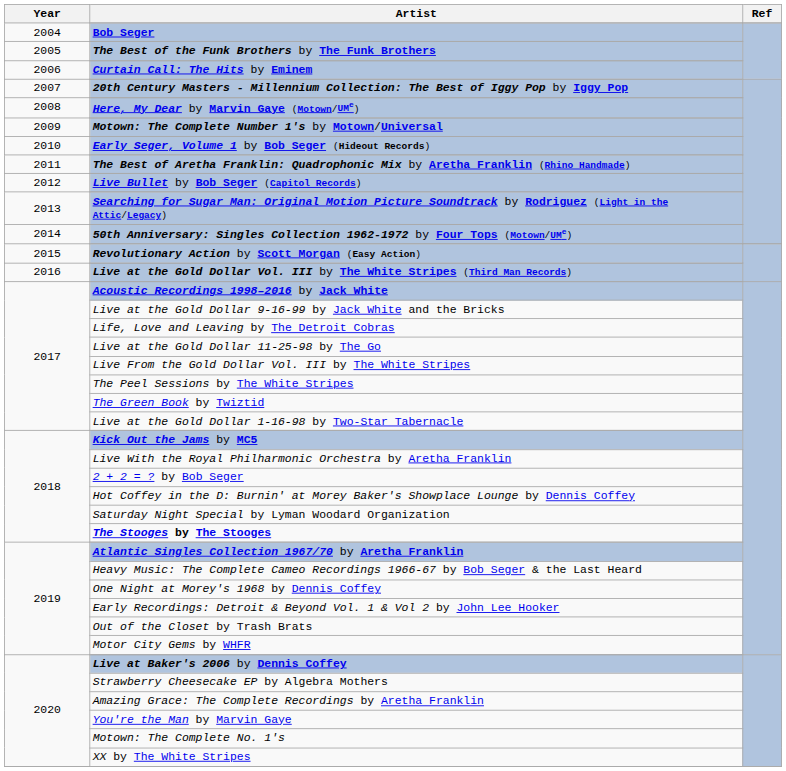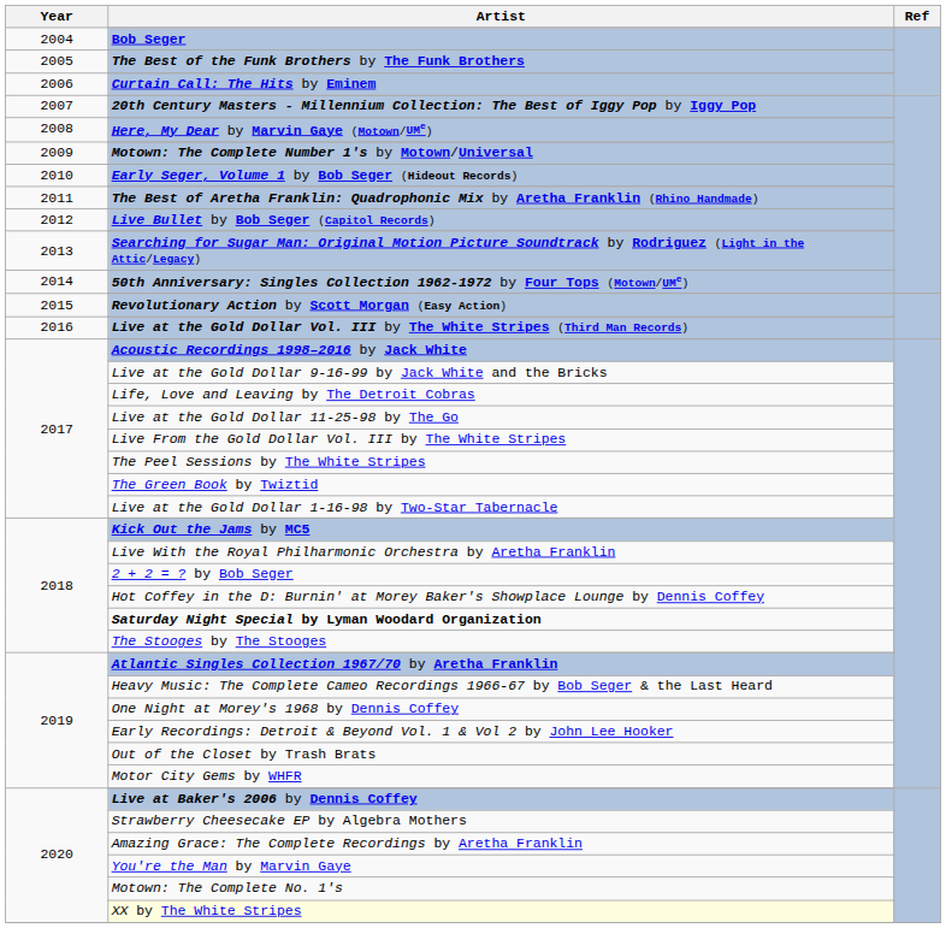 <table class="wikitable" style="width:100%;">
 <tr>
 <th style="width:11%;">Year</th>
 <th style="width:84%;">Artist</th>
 <th style="width:5%;">Ref</th>
 </tr>
 <tr>
 <td rowspan="2" align="center">2004</td>
 </tr>
 <tr style="background:#B0C4DE">
 <td><strong><a href='#'>Bob Seger</a></strong></td>
 <td rowspan="6"></td>
 </tr>
 <tr>
 <td rowspan="2" align="center">2005</td>
 </tr>
 <tr style="background:#B0C4DE">
 <td><strong><em>The Best of the Funk Brothers</em></strong> by <strong><a href='#'>The Funk Brothers</a></strong></td>
 </tr>
 <tr>
 <td rowspan="2" align="center">2006</td>
 </tr>
 <tr style="background:#B0C4DE">
 <td><strong><em><a href='#'>Curtain Call: The Hits</a></em></strong> by <strong><a href='#'>Eminem</a></strong></td>
 </tr>
 <tr>
 <td rowspan="2" align="center">2007</td>
 </tr>
 <tr style="background:#B0C4DE">
 <td><strong><em>20th Century Masters - Millennium Collection: The Best of Iggy Pop</em></strong> by <strong><a href='#'>Iggy Pop</a></strong></td>
 <td rowspan="15" align="center"></td>
 </tr>
 <tr>
 <td rowspan="2" align="center">2008</td>
 </tr>
 <tr style="background:#B0C4DE">
 <td><strong><em><a href='#'>Here, My Dear</a></em></strong> by <strong><a href='#'>Marvin Gaye</a></strong> <small>(<strong><a href='#'>Motown</a></strong>/<strong><a href='#'>UM<sup>e</sup></a></strong>)</small></td>
 </tr>
 <tr>
 <td rowspan="2" align="center">2009</td>
 </tr>
 <tr style="background:#B0C4DE">
 <td><strong><em>Motown: The Complete Number 1's</em></strong> by <strong><a href='#'>Motown</a></strong>/<strong><a href='#'>Universal</a></strong></td>
 </tr>
 <tr>
 <td rowspan="2" align="center">2010</td>
 </tr>
 <tr style="background:#B0C4DE">
 <td><strong><em><a href='#'>Early Seger, Volume 1</a></em></strong> by <strong><a href='#'>Bob Seger</a></strong> <small>(<strong>Hideout Records</strong>)</small></td>
 </tr>
 <tr>
 <td rowspan="2" align="center">2011</td>
 </tr>
 <tr style="background:#B0C4DE">
 <td><strong><em>The Best of Aretha Franklin: Quadrophonic Mix</em></strong> by <strong><a href='#'>Aretha Franklin</a></strong> <small>(<strong><a href='#'>Rhino Handmade</a></strong>)</small></td>
 </tr>
 <tr>
 <td rowspan="2" align="center">2012</td>
 </tr>
 <tr style="background:#B0C4DE">
 <td><strong><em><a href='#'>Live Bullet</a></em></strong> by <strong><a href='#'>Bob Seger</a></strong> <small>(<strong><a href='#'>Capitol Records</a></strong>)</small></td>
 </tr>
 <tr>
 <td rowspan="2" align="center">2013</td>
 </tr>
 <tr style="background:#B0C4DE">
 <td><strong><em><a href='#'>Searching for Sugar Man: Original Motion Picture Soundtrack</a></em></strong> by <strong><a href='#'>Rodriguez</a></strong> <small>(<strong><a href='#'>Light in the Attic</a></strong>/<strong><a href='#'>Legacy</a></strong>)</small></td>
 </tr>
 <tr>
 <td rowspan="2" align="center">2014</td>
 </tr>
 <tr style="background:#B0C4DE">
 <td><strong><em>50th Anniversary: Singles Collection 1962-1972</em></strong> by <strong><a href='#'>Four Tops</a></strong> <small>(<strong><a href='#'>Motown</a></strong>/<strong><a href='#'>UM<sup>e</sup></a></strong>)</small></td>
 </tr>
 <tr>
 <td rowspan="2" align="center">2015</td>
 </tr>
 <tr style="background:#B0C4DE">
 <td><strong><em>Revolutionary Action</em></strong> by <strong><a href='#'>Scott Morgan</a></strong> <small>(<strong>Easy Action</strong>)</small></td>
 <td rowspan="4" align="center"></td>
 </tr>
 <tr>
 <td rowspan="2" align="center">2016</td>
 </tr>
 <tr style="background:#B0C4DE">
 <td><strong><em>Live at the Gold Dollar Vol. III</em></strong> by <strong><a href='#'>The White Stripes</a></strong> <small>(<strong><a href='#'>Third Man Records</a></strong>)</small></td>
 </tr>
 <tr>
 <td rowspan="9" align="center">2017</td>
 </tr>
 <tr style="background:#B0C4DE">
 <td><strong><em><a href='#'>Acoustic Recordings 1998–2016</a></em></strong> by <strong><a href='#'>Jack White</a></strong></td>
 <td rowspan="23" align="center"></td>
 </tr>
 <tr>
 <td><em>Live at the Gold Dollar 9-16-99</em> by <a href='#'>Jack White</a> and the Bricks</td>
 </tr>
 <tr>
 <td><em>Life, Love and Leaving</em> by <a href='#'>The Detroit Cobras</a></td>
 </tr>
 <tr>
 <td><em>Live at the Gold Dollar 11-25-98</em> by <a href='#'>The Go</a></td>
 </tr>
 <tr>
 <td><em>Live From the Gold Dollar Vol. III</em> by <a href='#'>The White Stripes</a></td>
 </tr>
 <tr>
 <td><em>The Peel Sessions</em> by <a href='#'>The White Stripes</a></td>
 </tr>
 <tr>
 <td><em><a href='#'>The Green Book</a></em> by <a href='#'>Twiztid</a></td>
 </tr>
 <tr>
 <td><em>Live at the Gold Dollar 1-16-98</em> by <a href='#'>Two-Star Tabernacle</a></td>
 </tr>
 <tr>
 <td rowspan="7" align="center">2018</td>
 </tr>
 <tr style="background:#B0C4DE">
 <td><strong><em><a href='#'>Kick Out the Jams</a></em></strong> by <strong><a href='#'>MC5</a></strong></td>
 </tr>
 <tr>
 <td><em>Live With the Royal Philharmonic Orchestra</em> by <a href='#'>Aretha Franklin</a></td>
 </tr>
 <tr>
 <td><em><a href='#'>2 + 2 = ?</a></em> by <a href='#'>Bob Seger</a></td>
 </tr>
 <tr>
 <td><em>Hot Coffey in the D: Burnin' at Morey Baker's Showplace Lounge</em> by <a href='#'>Dennis Coffey</a></td>
 </tr>
 <tr>
-<td><em>Saturday Night Special</em> by Lyman Woodard Organization</td>
+<td><strong><em>Saturday Night Special</em> by Lyman Woodard Organization</strong></td>
 </tr>
 <tr>
-<td><strong><em><a href='#'>The Stooges</a></em> by <a href='#'>The Stooges</a></strong></td>
+<td><em><a href='#'>The Stooges</a></em> by <a href='#'>The Stooges</a></td>
 </tr>
 <tr>
 <td rowspan="7" align="center">2019</td>
 </tr>
 <tr style="background:#B0C4DE">
 <td><strong><em><a href='#'>Atlantic Singles Collection 1967/70</a></em></strong> by <strong><a href='#'>Aretha Franklin</a></strong></td>
 </tr>
 <tr>
 <td><em>Heavy Music: The Complete Cameo Recordings 1966-67</em> by <a href='#'>Bob Seger</a> & the Last Heard</td>
 </tr>
 <tr>
 <td><em>One Night at Morey's 1968</em> by <a href='#'>Dennis Coffey</a></td>
 </tr>
 <tr>
 <td><em>Early Recordings: Detroit & Beyond Vol. 1 & Vol 2</em> by <a href='#'>John Lee Hooker</a></td>
 </tr>
 <tr>
 <td><em>Out of the Closet</em> by Trash Brats</td>
 </tr>
 <tr>
 <td><em>Motor City Gems</em> by <a href='#'>WHFR</a></td>
 </tr>
 <tr>
 <td rowspan="7" align="center">2020</td>
 </tr>
 <tr style="background:#B0C4DE">
 <td><strong><em>Live at Baker's 2006</em></strong> by <strong><a href='#'>Dennis Coffey</a></strong></td>
 <td rowspan="6" align="center"></td>
 </tr>
 <tr>
 <td><em>Strawberry Cheesecake EP</em> by Algebra Mothers</td>
 </tr>
 <tr>
 <td><em>Amazing Grace: The Complete Recordings</em> by <a href='#'>Aretha Franklin</a></td>
 </tr>
 <tr>
 <td><em><a href='#'>You're the Man</a></em> by <a href='#'>Marvin Gaye</a></td>
 </tr>
 <tr>
 <td><em>Motown: The Complete No. 1's</em></td>
 </tr>
 <tr>
-<td><em>XX</em> by <a href='#'>The White Stripes</a></td>
+<td style="background: lightyellow;"><em>XX</em> by <a href='#'>The White Stripes</a></td>
 </tr>
 <tr>
 </tr>
 </table>
